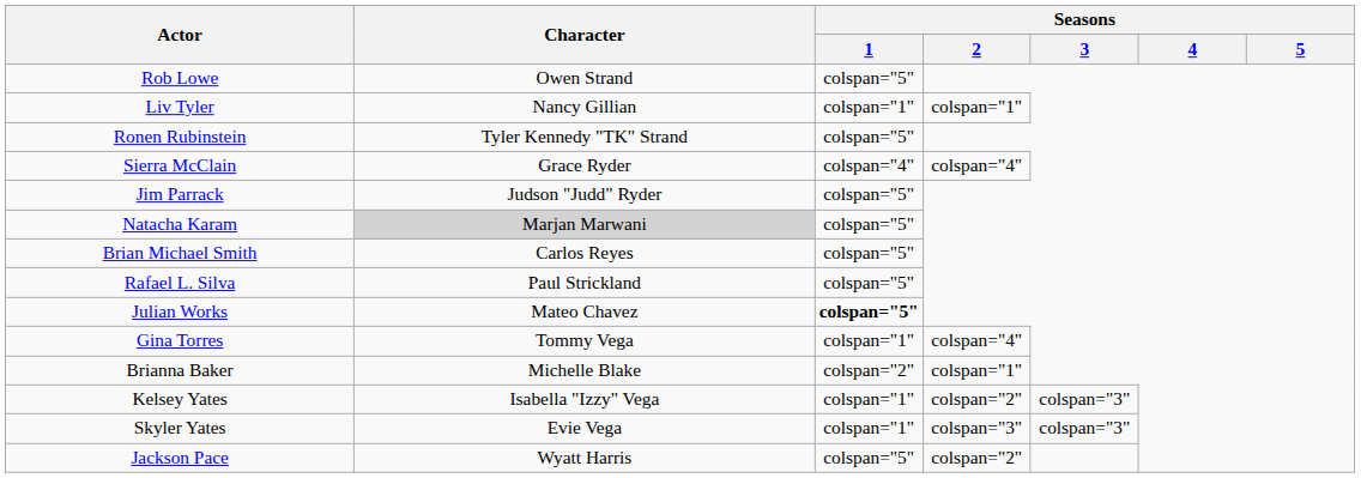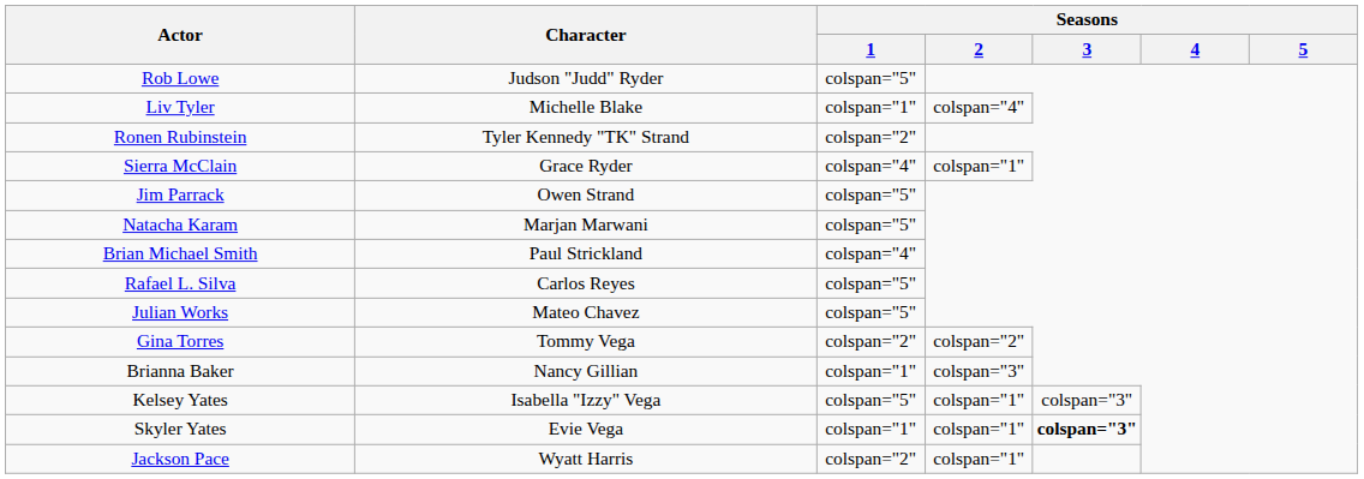 <table class="wikitable plainrowheaders" style="text-align:center;">
 <tr>
 <th rowspan="2" scope="col">Actor</th>
 <th rowspan="2" scope="col">Character</th>
 <th scope="col" colspan="5">Seasons</th>
 </tr>
 <tr>
 <th scope="col" style="width:8%;"><a href='#'>1</a></th>
 <th scope="col" style="width:8%;"><a href='#'>2</a></th>
 <th scope="col" style="width:8%;"><a href='#'>3</a></th>
 <th scope="col" style="width:8%;"><a href='#'>4</a></th>
 <th scope="col" style="width:8%;"><a href='#'>5</a></th>
 </tr>
 <tr>
 <td><a href='#'>Rob Lowe</a></td>
-<td>Owen Strand</td>
+<td>Judson "Judd" Ryder</td>
 <td>colspan="5" </td>
 </tr>
 <tr>
 <td><a href='#'>Liv Tyler</a></td>
-<td>Nancy Gillian</td>
+<td>Michelle Blake</td>
 <td>colspan="1" </td>
-<td>colspan="1" </td>
+<td>colspan="4" </td>
 </tr>
 <tr>
 <td><a href='#'>Ronen Rubinstein</a></td>
 <td>Tyler Kennedy "TK" Strand</td>
-<td>colspan="5" </td>
+<td>colspan="2" </td>
 </tr>
 <tr>
 <td><a href='#'>Sierra McClain</a></td>
 <td>Grace Ryder</td>
 <td>colspan="4" </td>
-<td>colspan="4" </td>
+<td>colspan="1" </td>
 </tr>
 <tr>
 <td><a href='#'>Jim Parrack</a></td>
-<td>Judson "Judd" Ryder</td>
+<td>Owen Strand</td>
 <td>colspan="5" </td>
 </tr>
 <tr>
 <td><a href='#'>Natacha Karam</a></td>
-<td style="background: lightgrey;">Marjan Marwani</td>
+<td>Marjan Marwani</td>
 <td>colspan="5" </td>
 </tr>
 <tr>
 <td><a href='#'>Brian Michael Smith</a></td>
-<td>Carlos Reyes</td>
-<td>colspan="5" </td>
+<td>Paul Strickland</td>
+<td>colspan="4" </td>
 </tr>
 <tr>
 <td><a href='#'>Rafael L. Silva</a></td>
-<td>Paul Strickland</td>
+<td>Carlos Reyes</td>
 <td>colspan="5" </td>
 </tr>
 <tr>
 <td><a href='#'>Julian Works</a></td>
 <td>Mateo Chavez</td>
-<td><strong>colspan="5" </strong></td>
+<td>colspan="5" </td>
 </tr>
 <tr>
 <td><a href='#'>Gina Torres</a></td>
 <td>Tommy Vega</td>
-<td>colspan="1" </td>
-<td>colspan="4" </td>
+<td>colspan="2" </td>
+<td>colspan="2" </td>
 </tr>
 <tr>
 <td>Brianna Baker</td>
-<td>Michelle Blake</td>
-<td>colspan="2" </td>
-<td>colspan="1"</td>
+<td>Nancy Gillian</td>
+<td>colspan="1" </td>
+<td>colspan="3" </td>
 </tr>
 <tr>
 <td>Kelsey Yates</td>
 <td>Isabella "Izzy" Vega</td>
-<td>colspan="1" </td>
-<td>colspan="2" </td>
+<td>colspan="5" </td>
+<td>colspan="1"</td>
 <td>colspan="3" </td>
 </tr>
 <tr>
 <td>Skyler Yates</td>
 <td>Evie Vega</td>
 <td>colspan="1" </td>
-<td>colspan="3" </td>
-<td>colspan="3" </td>
+<td>colspan="1"</td>
+<td><strong>colspan="3" </strong></td>
 </tr>
 <tr>
 <td><a href='#'>Jackson Pace</a></td>
 <td>Wyatt Harris</td>
-<td>colspan="5" </td>
 <td>colspan="2" </td>
+<td>colspan="1"</td>
 <td></td>
 </tr>
 </table>
